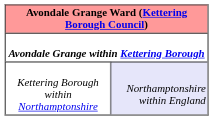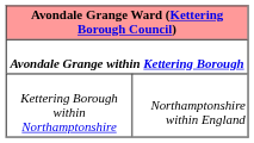 <table border=1 cellpadding="2" cellspacing="0" align="right" width=300>
 <tr>
 <th colspan=2 align=center bgcolor="#ff9999">Avondale Grange Ward (<a href='#'>Kettering Borough Council</a>)</th>
 </tr>
 <tr>
 <th colspan=2 alignn=center><br><em>Avondale Grange within <a href='#'>Kettering Borough</a></em></th>
 </tr>
 <tr>
 <td align=center><br><em>Kettering Borough within <a href='#'>Northamptonshire</a></em></td>
-<td align=right style="background: lavender;"><br><em>Northamptonshire within England</em></td>
+<td align=right><br><em>Northamptonshire within England</em></td>
 </tr>
 </table>
